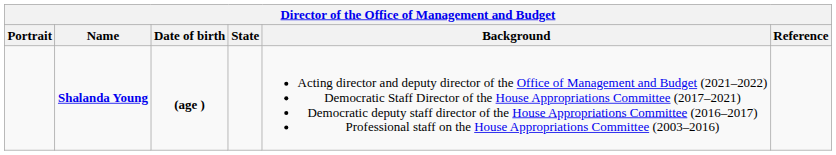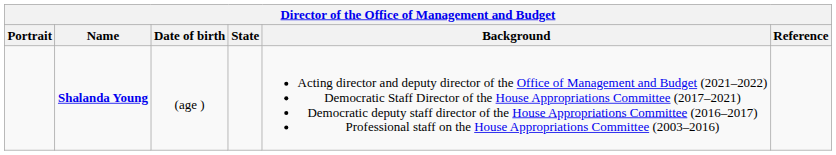 <table class="wikitable collapsible" style="text-align:center;">
 <tr>
 <th colspan="6"><a href='#'>Director of the Office of Management and Budget</a></th>
 </tr>
 <tr>
 <th>Portrait</th>
 <th>Name</th>
 <th>Date of birth</th>
 <th>State</th>
 <th>Background</th>
 <th>Reference</th>
 </tr>
 <tr>
 <td></td>
 <td><strong><a href='#'>Shalanda Young</a></strong></td>
-<td><strong><br>(age )</strong></td>
+<td><br>(age )</td>
 <td></td>
 <td><br><ul><li>Acting director and deputy director of the <a href='#'>Office of Management and Budget</a> (2021–2022)</li><li>Democratic Staff Director of the <a href='#'>House Appropriations Committee</a> (2017–2021)</li><li>Democratic deputy staff director of the <a href='#'>House Appropriations Committee</a> (2016–2017)</li><li>Professional staff on the <a href='#'>House Appropriations Committee</a> (2003–2016)</li></ul></td>
 <td></td>
 </tr>
 </table>
